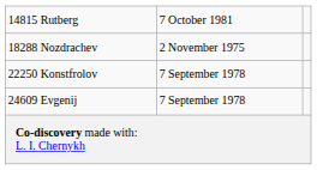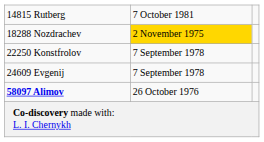 <table class="wikitable" style="font-size: 89%; float: left; width: 26em; margin-right: 1em;  height: 192px;">
 <tr>
 <td>14815 Rutberg</td>
 <td>7 October 1981</td>
 <td></td>
 </tr>
 <tr>
 <td>18288 Nozdrachev</td>
-<td>2 November 1975</td>
+<td style="background: gold;">2 November 1975</td>
 <td></td>
 </tr>
 <tr>
 <td>22250 Konstfrolov</td>
 <td>7 September 1978</td>
 <td></td>
 </tr>
 <tr>
 <td>24609 Evgenij</td>
 <td>7 September 1978</td>
 <td></td>
 </tr>
 <tr>
+<td><strong><a href='#'>58097 Alimov</a></strong></td>
+<td>26 October 1976</td>
+<td></td>
+</tr>
+<tr>
 <th colspan=3 style="font-weight: normal; text-align: left; padding: 4px 12px;"><strong>Co-discovery</strong> made with:<br> <a href='#'>L. I. Chernykh</a></th>
 </tr>
 </table>
